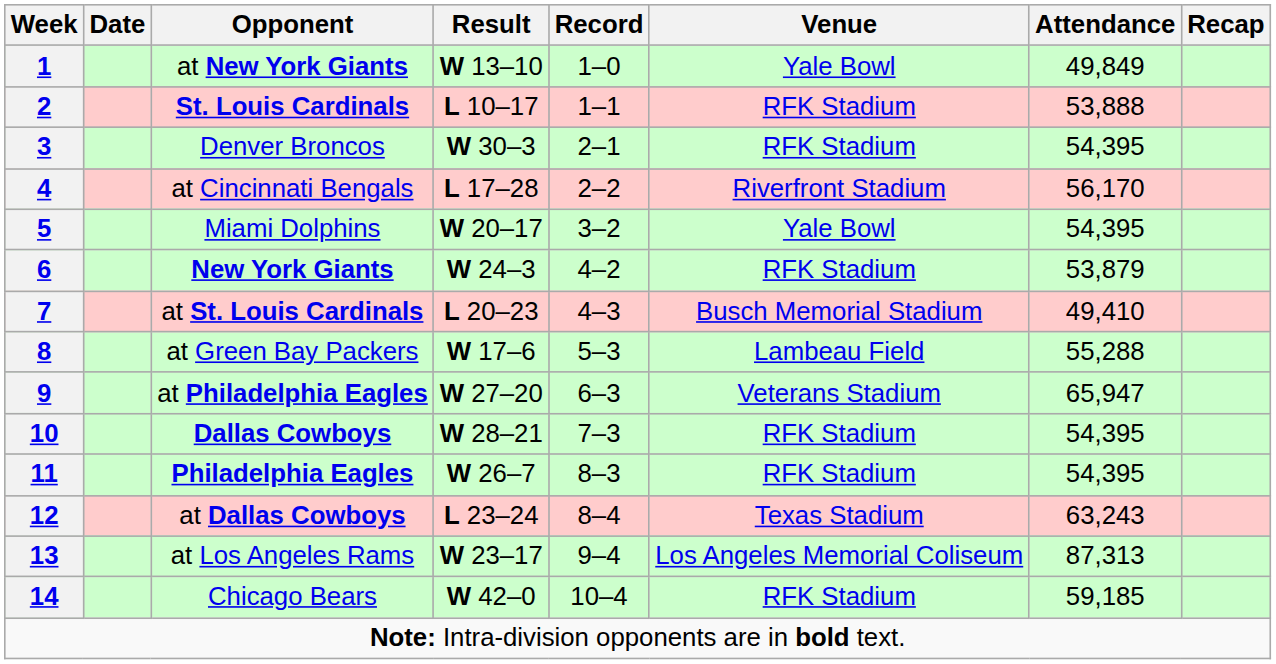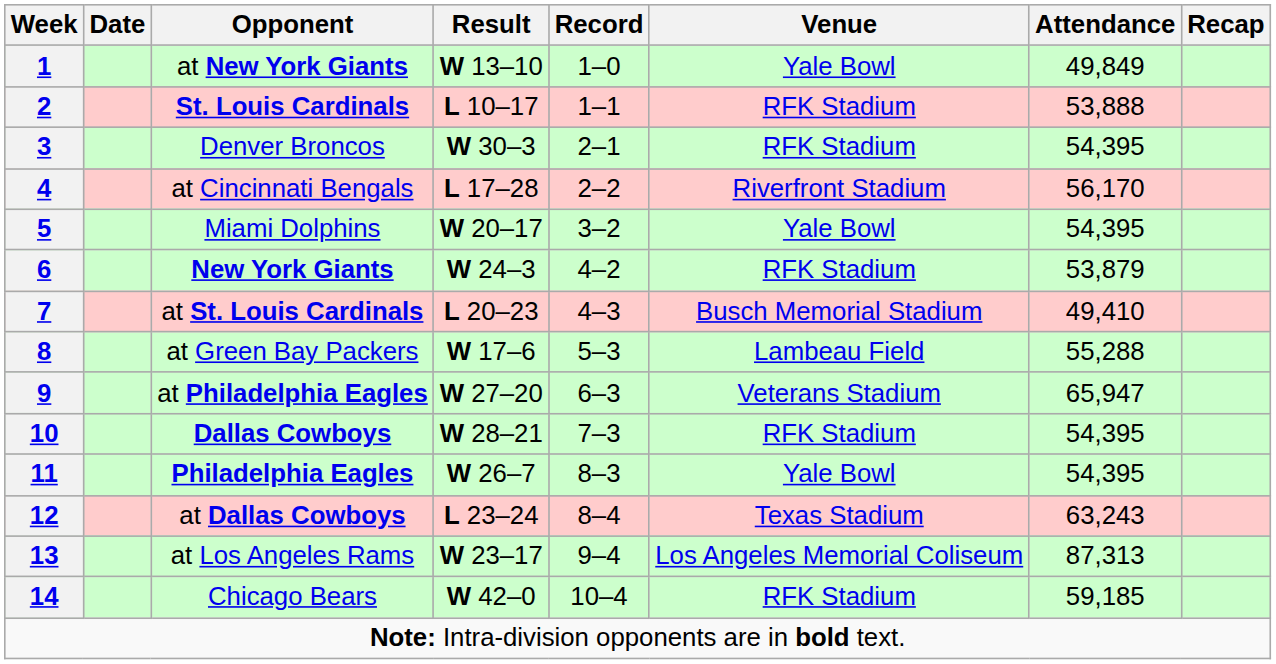 <table class="wikitable" style="text-align:center">
 <tr>
 <th>Week</th>
 <th>Date</th>
 <th>Opponent</th>
 <th>Result</th>
 <th>Record</th>
 <th>Venue</th>
 <th>Attendance</th>
 <th>Recap</th>
 </tr>
 <tr style="background:#cfc">
 <th><a href='#'>1</a></th>
 <td></td>
 <td>at <strong><a href='#'>New York Giants</a></strong></td>
 <td><strong>W</strong> 13–10</td>
 <td>1–0</td>
 <td><a href='#'>Yale Bowl</a></td>
 <td>49,849</td>
 <td></td>
 </tr>
 <tr style="background:#fcc">
 <th><a href='#'>2</a></th>
 <td></td>
 <td><strong><a href='#'>St. Louis Cardinals</a></strong></td>
 <td><strong>L</strong> 10–17</td>
 <td>1–1</td>
 <td><a href='#'>RFK Stadium</a></td>
 <td>53,888</td>
 <td></td>
 </tr>
 <tr style="background:#cfc">
 <th><a href='#'>3</a></th>
 <td></td>
 <td><a href='#'>Denver Broncos</a></td>
 <td><strong>W</strong> 30–3</td>
 <td>2–1</td>
 <td><a href='#'>RFK Stadium</a></td>
 <td>54,395</td>
 <td></td>
 </tr>
 <tr style="background:#fcc">
 <th><a href='#'>4</a></th>
 <td></td>
 <td>at <a href='#'>Cincinnati Bengals</a></td>
 <td><strong>L</strong> 17–28</td>
 <td>2–2</td>
 <td><a href='#'>Riverfront Stadium</a></td>
 <td>56,170</td>
 <td></td>
 </tr>
 <tr style="background:#cfc">
 <th><a href='#'>5</a></th>
 <td></td>
 <td><a href='#'>Miami Dolphins</a></td>
 <td><strong>W</strong> 20–17</td>
 <td>3–2</td>
 <td><a href='#'>Yale Bowl</a></td>
 <td>54,395</td>
 <td></td>
 </tr>
 <tr style="background:#cfc">
 <th><a href='#'>6</a></th>
 <td></td>
 <td><strong><a href='#'>New York Giants</a></strong></td>
 <td><strong>W</strong> 24–3</td>
 <td>4–2</td>
 <td><a href='#'>RFK Stadium</a></td>
 <td>53,879</td>
 <td></td>
 </tr>
 <tr style="background:#fcc">
 <th><a href='#'>7</a></th>
 <td></td>
 <td>at <strong><a href='#'>St. Louis Cardinals</a></strong></td>
 <td><strong>L</strong> 20–23</td>
 <td>4–3</td>
 <td><a href='#'>Busch Memorial Stadium</a></td>
 <td>49,410</td>
 <td></td>
 </tr>
 <tr style="background:#cfc">
 <th><a href='#'>8</a></th>
 <td></td>
 <td>at <a href='#'>Green Bay Packers</a></td>
 <td><strong>W</strong> 17–6</td>
 <td>5–3</td>
 <td><a href='#'>Lambeau Field</a></td>
 <td>55,288</td>
 <td></td>
 </tr>
 <tr style="background:#cfc">
 <th><a href='#'>9</a></th>
 <td></td>
 <td>at <strong><a href='#'>Philadelphia Eagles</a></strong></td>
 <td><strong>W</strong> 27–20</td>
 <td>6–3</td>
 <td><a href='#'>Veterans Stadium</a></td>
 <td>65,947</td>
 <td></td>
 </tr>
 <tr style="background:#cfc">
 <th><a href='#'>10</a></th>
 <td></td>
 <td><strong><a href='#'>Dallas Cowboys</a></strong></td>
 <td><strong>W</strong> 28–21</td>
 <td>7–3</td>
 <td><a href='#'>RFK Stadium</a></td>
 <td>54,395</td>
 <td></td>
 </tr>
 <tr style="background:#cfc">
 <th><a href='#'>11</a></th>
 <td></td>
 <td><strong><a href='#'>Philadelphia Eagles</a></strong></td>
 <td><strong>W</strong> 26–7</td>
 <td>8–3</td>
-<td><a href='#'>RFK Stadium</a></td>
+<td><a href='#'>Yale Bowl</a></td>
 <td>54,395</td>
 <td></td>
 </tr>
 <tr style="background:#fcc">
 <th><a href='#'>12</a></th>
 <td></td>
 <td>at <strong><a href='#'>Dallas Cowboys</a></strong></td>
 <td><strong>L</strong> 23–24</td>
 <td>8–4</td>
 <td><a href='#'>Texas Stadium</a></td>
 <td>63,243</td>
 <td></td>
 </tr>
 <tr style="background:#cfc">
 <th><a href='#'>13</a></th>
 <td></td>
 <td>at <a href='#'>Los Angeles Rams</a></td>
 <td><strong>W</strong> 23–17</td>
 <td>9–4</td>
 <td><a href='#'>Los Angeles Memorial Coliseum</a></td>
 <td>87,313</td>
 <td></td>
 </tr>
 <tr style="background:#cfc">
 <th><a href='#'>14</a></th>
 <td></td>
 <td><a href='#'>Chicago Bears</a></td>
 <td><strong>W</strong> 42–0</td>
 <td>10–4</td>
 <td><a href='#'>RFK Stadium</a></td>
 <td>59,185</td>
 <td></td>
 </tr>
 <tr>
 <td colspan="10"><strong>Note:</strong> Intra-division opponents are in <strong>bold</strong> text.</td>
 </tr>
 </table>
